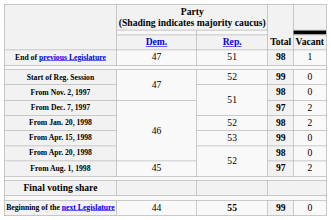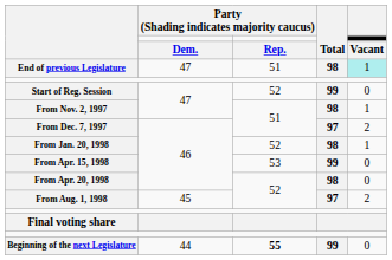 <table class=wikitable style="text-align:center">
 <tr style="vertical-align:bottom;">
 <th rowspan=3></th>
 <th colspan=2>Party <div>(Shading indicates majority caucus)</div></th>
 <th rowspan=3>Total</th>
 <th></th>
 </tr>
 <tr style="height:5px">
 <td style="background-color:"></td>
 <td style="background-color:"></td>
 <td style="background:black;"></td>
 </tr>
 <tr>
 <th><a href='#'>Dem.</a></th>
 <th><a href='#'>Rep.</a></th>
 <th>Vacant</th>
 </tr>
 <tr>
 <th style="font-size:80%;">End of <a href='#'>previous Legislature</a></th>
 <td>47</td>
 <td>51</td>
 <th>98</th>
-<td>1</td>
+<td style="background: paleturquoise;">1</td>
 </tr>
 <tr>
 <td colspan=5></td>
 </tr>
 <tr>
 <th style="font-size:80%;">Start of Reg. Session</th>
 <td rowspan="2">47</td>
 <td>52</td>
 <th>99</th>
 <td>0</td>
 </tr>
 <tr>
 <th style="font-size:80%;">From Nov. 2, 1997</th>
 <td rowspan="2" >51</td>
 <th>98</th>
-<td>0</td>
+<td>1</td>
 </tr>
 <tr>
 <th style="font-size:80%;">From Dec. 7, 1997</th>
 <td rowspan="4">46</td>
 <th>97</th>
 <td>2</td>
 </tr>
 <tr>
 <th style="font-size:80%;">From Jan. 20, 1998</th>
 <td>52</td>
 <th>98</th>
-<td>2</td>
+<td>1</td>
 </tr>
 <tr>
 <th style="font-size:80%;">From Apr. 15, 1998</th>
 <td>53</td>
 <th>99</th>
 <td>0</td>
 </tr>
 <tr>
 <th style="font-size:80%;">From Apr. 20, 1998</th>
 <td rowspan="2" >52</td>
 <th>98</th>
 <td>0</td>
 </tr>
 <tr>
 <th style="font-size:80%;">From Aug. 1, 1998</th>
 <td>45</td>
 <th>97</th>
 <td>2</td>
 </tr>
 <tr>
 <td colspan=5></td>
 </tr>
 <tr>
 <th>Final voting share</th>
 <th></th>
 <th></th>
 <th colspan=2></th>
 </tr>
 <tr>
 <td colspan=5></td>
 </tr>
 <tr>
 <th style="font-size:80%;">Beginning of the <a href='#'>next Legislature</a></th>
 <td>44</td>
 <td><strong>55</strong></td>
 <th>99</th>
 <td>0</td>
 </tr>
 </table>
